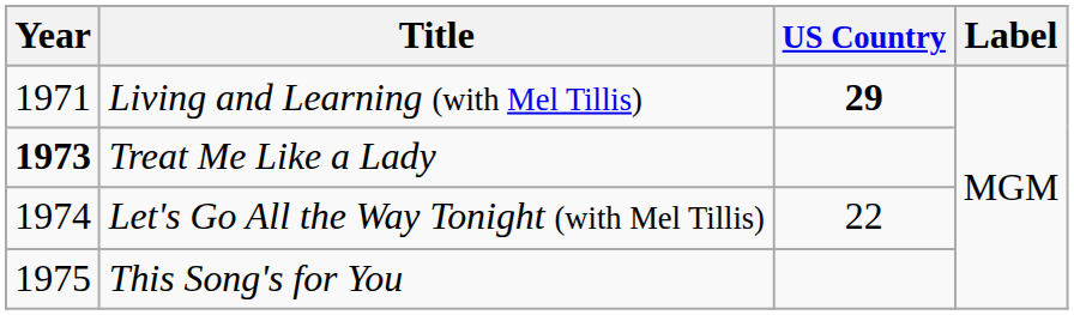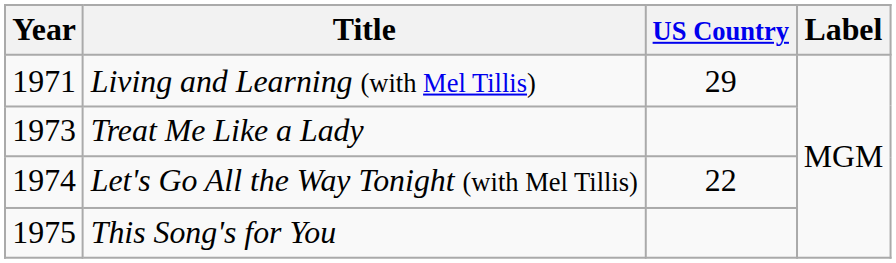 <table class="wikitable">
 <tr>
 <th>Year</th>
 <th>Title</th>
 <th><small><a href='#'>US Country</a></small></th>
 <th>Label</th>
 </tr>
 <tr>
 <td>1971</td>
 <td><em>Living and Learning</em> <small>(with <a href='#'>Mel Tillis</a>)</small></td>
-<td align="center"><strong>29</strong></td>
+<td align="center">29</td>
 <td rowspan="4">MGM</td>
 </tr>
 <tr>
-<td><strong>1973</strong></td>
+<td>1973</td>
 <td><em>Treat Me Like a Lady</em></td>
 <td align="center"></td>
 </tr>
 <tr>
 <td>1974</td>
 <td><em>Let's Go All the Way Tonight</em> <small>(with Mel Tillis)</small></td>
 <td align="center">22</td>
 </tr>
 <tr>
 <td>1975</td>
 <td><em>This Song's for You</em></td>
 <td align="center"></td>
 </tr>
 </table>
